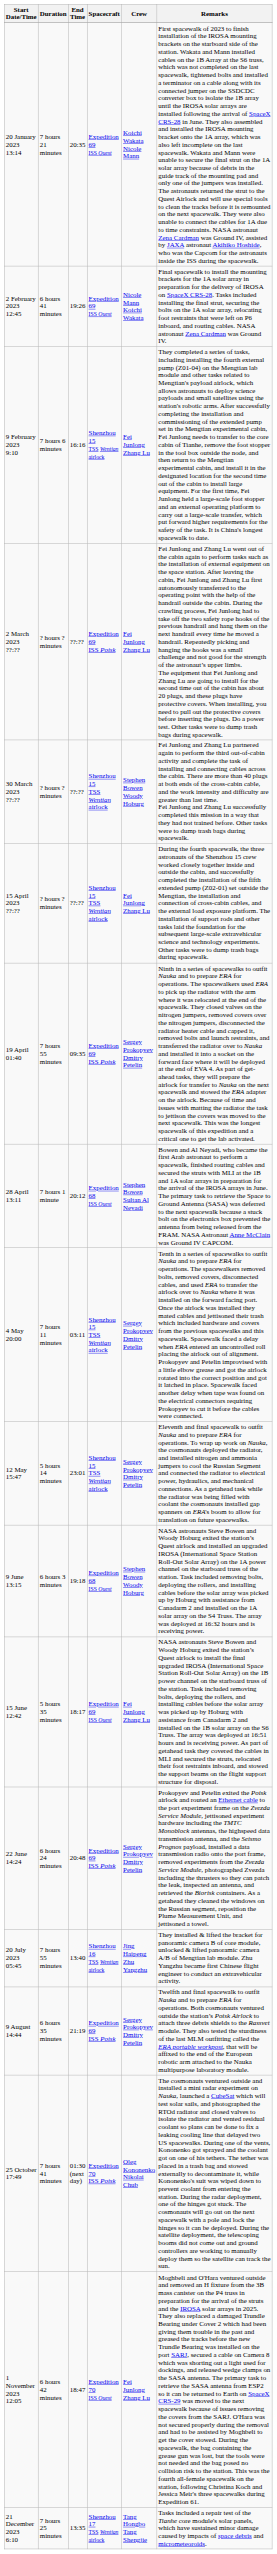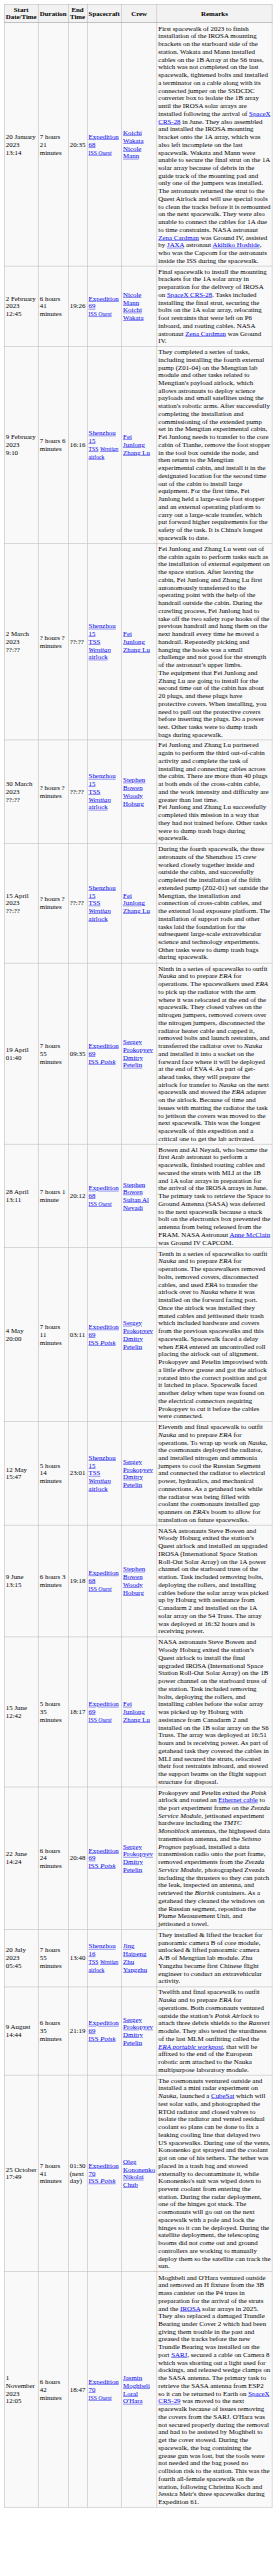 <table class="wikitable" style="width:100%;">
 <tr>
 <th>Start Date/Time</th>
 <th>Duration</th>
 <th>End Time</th>
 <th>Spacecraft</th>
 <th>Crew</th>
 <th width="60%">Remarks</th>
 </tr>
 <tr>
 </tr>
 <tr>
 <td>20 January 2023<br>13:14</td>
 <td>7 hours 21 minutes</td>
 <td>20:35</td>
-<td><a href='#'>Expedition 69</a><br><small><a href='#'>ISS <em>Quest</em></a></small><br></td>
+<td><a href='#'>Expedition 68</a><br><small><a href='#'>ISS <em>Quest</em></a></small><br></td>
 <td> <a href='#'>Koichi Wakata</a><br> <a href='#'>Nicole Mann</a></td>
 <td>First spacewalk of 2023 to finish installation of the IROSA mounting brackets on the starboard side of the station. Wakata and Mann installed cables on the 1B Array at the S6 truss, which was not completed on the last spacewalk, tightened bolts and installed a terminator on a cable along with its connected jumper on the SSDCDC converter box to isolate the 1B array until the IROSA solar arrays are installed following the arrival of <a href='#'>SpaceX CRS-28</a> in June. They also assembled and installed the IROSA mounting bracket onto the 1A array, which was also left incomplete on the last spacewalk. Wakata and Mann were unable to secure the final strut on the 1A solar array because of debris in the guide track of the mounting pad and only one of the jumpers was installed. The astronauts returned the strut to the Quest Airlock and will use special tools to clean the tracks before it is remounted on the next spacewalk. They were also unable to connect the cables for 1A due to time constraints. NASA astronaut <a href='#'>Zena Cardman</a> was Ground IV, assisted by <a href='#'>JAXA</a> astronaut <a href='#'>Akihiko Hoshide</a>, who was the Capcom for the astronauts inside the ISS during the spacewalk.</td>
 </tr>
 <tr>
 <td>2 February 2023<br>12:45</td>
 <td>6 hours 41 minutes</td>
 <td>19:26</td>
 <td><a href='#'>Expedition 69</a><br><small><a href='#'>ISS <em>Quest</em></a></small><br></td>
 <td> <a href='#'>Nicole Mann</a><br> <a href='#'>Koichi Wakata</a></td>
 <td>Final spacewalk to install the mounting brackets for the 1A solar array in preparation for the delivery of IROSA on <a href='#'>SpaceX CRS-28</a>. Tasks included installing the final strut, securing the bolts on the 1A solar array, relocating foot restraints that were left on P6 inboard, and routing cables. NASA astronaut <a href='#'>Zena Cardman</a> was Ground IV.</td>
 </tr>
 <tr>
 <td>9 February 2023<br>9:10</td>
 <td>7 hours 6 minutes</td>
 <td>16:16</td>
 <td><a href='#'>Shenzhou 15</a><br><small><a href='#'>TSS</a> <a href='#'><em>Wentian</em> airlock</a></small></td>
 <td> <a href='#'>Fei Junlong</a><br> <a href='#'>Zhang Lu</a></td>
 <td>They completed a series of tasks, including installing the fourth external pump (Z01-04) on the Mengtian lab module and other tasks related to Mengtian's payload airlock, which allows astronauts to deploy science payloads and small satellites using the station's robotic arms. After successfully completing the installation and commissioning of the extended pump set in the Mengtian experimental cabin, Fei Junlong needs to transfer to the core cabin of Tianhe, remove the foot stopper in the tool box outside the node, and then return to the Mengtian experimental cabin, and install it in the designated location for the second time out of the cabin to install large equipment. For the first time, Fei Junlong held a large-scale foot stopper and an external operating platform to carry out a large-scale transfer, which put forward higher requirements for the safety of the task. It is China's longest spacewalk to date.</td>
 </tr>
 <tr>
 <td>2 March 2023<br>??:??</td>
 <td>? hours ? minutes</td>
 <td>??:??</td>
-<td><a href='#'>Expedition 69</a><br><a href='#'>ISS <em>Poisk</em></a></td>
+<td><a href='#'>Shenzhou 15</a><br><a href='#'>TSS</a> <a href='#'><em>Wentian</em> airlock</a></td>
 <td> <a href='#'>Fei Junlong</a><br> <a href='#'>Zhang Lu</a></td>
 <td>Fei Junlong and Zhang Lu went out of the cabin again to perform tasks such as the installation of external equipment on the space station. After leaving the cabin, Fei Junlong and Zhang Lu first autonomously transferred to the operating point with the help of the handrail outside the cabin. During the crawling process, Fei Junlong had to take off the two safety rope hooks of the previous handrail and hang them on the next handrail every time he moved a handrail. Repeatedly picking and hanging the hooks was a small challenge and not good for the strength of the astronaut’s upper limbs.<br>The equipment that Fei Junlong and Zhang Lu are going to install for the second time out of the cabin has about 20 plugs, and these plugs have protective covers. When installing, you need to pull out the protective covers before inserting the plugs. Do a power test. Other tasks were to dump trash bags during spacewalk.</td>
 </tr>
 <tr>
 <td>30 March 2023<br>??:??</td>
 <td>? hours ? minutes</td>
 <td>??:??</td>
 <td><a href='#'>Shenzhou 15</a><br><a href='#'>TSS</a> <a href='#'><em>Wentian</em> airlock</a></td>
 <td> <a href='#'>Stephen Bowen</a><br> <a href='#'>Woody Hoburg</a></td>
 <td>Fei Junlong and Zhang Lu partnered again to perform the third out-of-cabin activity and complete the task of installing and connecting cables across the cabin. There are more than 40 plugs at both ends of the cross-cabin cable, and the work intensity and difficulty are greater than last time.<br>Fei Junlong and Zhang Lu successfully completed this mission in a way that they had not trained before. Other tasks were to dump trash bags during spacewalk.</td>
 </tr>
 <tr>
 <td>15 April 2023<br>??:??</td>
 <td>? hours ? minutes</td>
 <td>??:??</td>
 <td><a href='#'>Shenzhou 15</a><br><a href='#'>TSS</a> <a href='#'><em>Wentian</em> airlock</a></td>
 <td> <a href='#'>Fei Junlong</a><br> <a href='#'>Zhang Lu</a></td>
 <td>During the fourth spacewalk, the three astronauts of the Shenzhou 15 crew worked closely together inside and outside the cabin, and successfully completed the installation of the fifth extended pump (Z02-01) set outside the Mengtian, the installation and connection of cross-cabin cables, and the external load exposure platform. The installation of support rods and other tasks laid the foundation for the subsequent large-scale extravehicular science and technology experiments. Other tasks were to dump trash bags during spacewalk.</td>
 </tr>
 <tr>
 <td>19 April<br>01:40</td>
 <td>7 hours 55 minutes</td>
 <td>09:35</td>
 <td><a href='#'>Expedition 69</a><br><a href='#'>ISS <em>Poisk</em></a></td>
 <td> <a href='#'>Sergey Prokopyev</a><br> <a href='#'>Dmitry Petelin</a></td>
 <td>Ninth in a series of spacewalks to outfit <em>Nauka</em>  and to prepare <em>ERA</em> for operations. The spacewalkers used <em>ERA</em> to pick up the radiator with the arm where it was relocated at the end of the spacewalk. They closed valves on the nitrogen jumpers, removed covers over the nitrogen jumpers, disconnected the radiator heater cable and capped it, removed bolts and launch restraints, and transferred the radiator over to <em>Nauka</em> and installed it into a socket on the forward face where it will be deployed at the end of EVA 4. As part of get-ahead tasks, they will prepare the airlock for transfer to <em>Nauka</em> on the next spacewalk and stowed the <em>ERA</em> adapter on the airlock. Because of time and issues with matting the radiator the task to jettison the covers was moved to the next spacewalk. This was the longest spacewalk of this expedition and a critical one to get the lab activated.</td>
 </tr>
 <tr>
 <td>28 April<br>13:11</td>
 <td>7 hours 1 minute</td>
 <td>20:12</td>
 <td><a href='#'>Expedition 68</a><br><small><a href='#'>ISS <em>Quest</em></a></small><br></td>
 <td> <a href='#'>Stephen Bowen</a><br> <a href='#'>Sultan Al Neyadi</a></td>
 <td>Bowen and Al Neyadi, who became the first Arab astronaut to perform a spacewalk, finished routing cables and secured the struts with MLI at the 1B and 1A solar arrays in preparation for the arrival of the IROSA arrays in June. The primary task to retrieve the Space to Ground Antenna (SASA) was deferred to the next spacewalk because a stuck bolt on the electronics box prevented the antenna from being released from the FRAM. NASA Astronaut <a href='#'>Anne McClain</a> was Ground IV CAPCOM.</td>
 </tr>
 <tr>
 <td>4 May<br>20:00</td>
 <td>7 hours 11 minutes</td>
 <td>03:11</td>
-<td><a href='#'>Shenzhou 15</a><br><a href='#'>TSS</a> <a href='#'><em>Wentian</em> airlock</a></td>
+<td><a href='#'>Expedition 69</a><br><a href='#'>ISS <em>Poisk</em></a></td>
 <td> <a href='#'>Sergey Prokopyev</a><br> <a href='#'>Dmitry Petelin</a></td>
 <td>Tenth in a series of spacewalks to outfit <em>Nauka</em>  and to prepare <em>ERA</em> for operations. The spacewalkers removed bolts, removed covers, disconnected cables, and used <em>ERA</em>  to transfer the airlock over to <em>Nauka</em> where it was installed on the forward facing port. Once the airlock was installed they mated cables and jettisoned their trash which included hardware and covers from the previous spacewalks and this spacewalk. Spacewalk faced a delay when <em>ERA</em> entered an uncontrolled roll placing the airlock out of alignment. Prokopyev and Petelin improvised with a little elbow grease and got the airlock rotated into the correct position and got it latched in place. Spacewalk faced another delay when tape was found on the electrical connectors requiring Prokopyev to cut it before the cables were connected.</td>
 </tr>
 <tr>
 <td>12 May<br>15:47</td>
 <td>5 hours 14 minutes</td>
 <td>23:01</td>
 <td><a href='#'>Shenzhou 15</a><br><a href='#'>TSS</a> <a href='#'><em>Wentian</em> airlock</a></td>
 <td> <a href='#'>Sergey Prokopyev</a><br> <a href='#'>Dmitry Petelin</a></td>
 <td>Eleventh and final spacewalk to outfit <em>Nauka</em> and to prepare <em>ERA</em> for operations. To wrap up work on <em>Nauka</em>, the cosmonauts deployed the radiator, and installed nitrogen and ammonia jumpers to cool the Russian Segment and connected the radiator to electrical power, hydraulics, and mechanical connections. As a getahead task while the radiator was being filled with coolant the cosmonauts installed gap spanners on <em>ERA</em>'s boom to allow for translation on future spacewalks.</td>
 </tr>
 <tr>
 <td>9 June<br>13:15</td>
 <td>6 hours 3 minutes</td>
 <td>19:18</td>
 <td><a href='#'>Expedition 68</a><br><small><a href='#'>ISS <em>Quest</em></a></small><br></td>
 <td> <a href='#'>Stephen Bowen</a><br> <a href='#'>Woody Hoburg</a></td>
 <td>NASA astronauts Steve Bowen and Woody Hoburg exited the station’s Quest airlock and installed an upgraded IROSA (International Space Station Roll-Out Solar Array) on the 1A power channel on the starboard truss of the station. Task included removing bolts, deploying the rollers, and installing cables before the solar array was picked up by Hoburg with assistance from Canadarm 2 and installed on the 1A solar array on the S4 Truss. The array was deployed at 16:32 hours and is receiving power.</td>
 </tr>
 <tr>
 <td>15 June<br>12:42</td>
 <td>5 hours 35 minutes</td>
 <td>18:17</td>
 <td><a href='#'>Expedition 69</a><br><small><a href='#'>ISS <em>Quest</em></a></small><br></td>
 <td> <a href='#'>Fei Junlong</a><br> <a href='#'>Zhang Lu</a></td>
 <td>NASA astronauts Steve Bowen and Woody Hoburg exited the station’s Quest airlock to install the final upgraded IROSA (International Space Station Roll-Out Solar Array) on the 1B power channel on the starboard truss of the station. Task included removing bolts, deploying the rollers, and installing cables before the solar array was picked up by Hoburg with assistance from Canadarm 2 and installed on the 1B solar array on the S6 Truss. The array was deployed at 16:51 hours and is receiving power. As part of getahead task they covered the cables in MLI and secured the struts, relocated their foot restraints inboard, and stowed the support beams on the flight support structure for disposal. </td>
 </tr>
 <tr>
 <td>22 June<br>14:24</td>
 <td>6 hours 24 minutes</td>
 <td>20:48</td>
 <td><a href='#'>Expedition 69</a><br><a href='#'>ISS <em>Poisk</em></a></td>
 <td> <a href='#'>Sergey Prokopyev</a><br> <a href='#'>Dmitry Petelin</a></td>
 <td>Prokopyev and Petelin exited the <em>Poisk</em> airlock and routed an <a href='#'>Ethernet cable</a> to the port experiment frame on the <em>Zvezda Service Module</em>, jettisoned experiment hardware including the <em>TMTC Monoblock</em> antennas, the highspeed data transmission antenna, and the <em>Seismo Prognos</em> payload,  installed a data transmission radio onto the port frame, removed experiments from the <em>Zvezda Service Module,</em> photographed Zvezda including the thrusters so they can patch the leak, inspected an antenna, and retrieved the <em>Biorisk</em> containers. As a getahead they cleaned the windows on the Russian segment, reposition the Plume Measurement Unit, and jettisoned a towel.</td>
 </tr>
 <tr>
 <td>20 July 2023<br>05:45</td>
 <td>7 hours 55 minutes</td>
 <td>13:40</td>
 <td><a href='#'>Shenzhou 16</a><br><small><a href='#'>TSS</a> <a href='#'><em>Wentian</em> airlock</a></small></td>
 <td> <a href='#'>Jing Haipeng</a><br> <a href='#'>Zhu Yangzhu</a></td>
 <td>They installed & lifted the bracket for panoramic camera B of core module, unlocked & lifted panoramic camera A/B of Mengtian lab module. Zhu Yangzhu became first Chinese flight engineer to conduct an extravehicular activity.</td>
 </tr>
 <tr>
 <td>9 August<br>14:44</td>
 <td>6 hours 35 minutes</td>
 <td>21:19</td>
 <td><a href='#'>Expedition 69</a><br><a href='#'>ISS <em>Poisk</em></a></td>
 <td> <a href='#'>Sergey Prokopyev</a><br> <a href='#'>Dmitry Petelin</a></td>
 <td>Twelfth and final spacewalk to outfit <em>Nauka</em> and to prepare <em>ERA</em> for operations. Both cosmonauts ventured outside the station’s <em>Poisk</em> <em>Airlock</em> to attach three debris shields to the <em>Rassvet</em> module. They also tested the sturdiness of the last MLM outfitting called the <em><a href='#'>ERA portable workpost</a></em>, that will be affixed to the end of the European robotic arm attached to the Nauka multipurpose laboratory module.</td>
 </tr>
 <tr>
 <td>25 October<br>17:49</td>
 <td>7 hours 41 minutes</td>
 <td>01:30 (next day)</td>
 <td><a href='#'>Expedition 70</a><br><a href='#'>ISS <em>Poisk</em></a></td>
 <td> <a href='#'>Oleg Kononenko</a><br> <a href='#'>Nikolai Chub</a></td>
 <td>The cosmonauts ventured outside and installed a mini radar experiment on <em>Nauka</em>, launched a <a href='#'>CubeSat</a> which will test solar sails, and photographed the RTOd radiator and closed valves to isolate the radiator and vented residual coolant so plans can be done to fix a leaking cooling line that delayed two US spacewalks. During one of the vents, Kononenko got sprayed and the coolant got on one of his tethers. The tether was placed in a trash bag and stowed externally to decontaminate it, while Kononenko's suit was wiped down to prevent coolant from entering the station. During the radar deployment, one of the hinges got stuck. The cosmonauts will go out on the next spacewalk with a pole and lock the hinges so it can be deployed. During the satellite deployment, the telescoping booms did not come out and ground controllers are working to manually deploy them so the satellite can track the sun. </td>
 </tr>
 <tr>
 <td>1 November 2023<br>12:05</td>
 <td>6 hours 42 minutes</td>
 <td>18:47</td>
 <td><a href='#'>Expedition 70</a><br><small><a href='#'>ISS <em>Quest</em></a></small><br></td>
-<td> <a href='#'>Fei Junlong</a><br> <a href='#'>Zhang Lu</a></td>
+<td> <a href='#'>Jasmin Moghbeli</a><br> <a href='#'>Loral O'Hara</a></td>
 <td>Moghbeli and O'Hara ventured outside and removed an H fixture from the 3B mass canister on the P4 truss in preparation for the arrival of the struts and the <a href='#'>IROSA</a> solar arrays in 2025. They also replaced a damaged Trundle Bearing under Cover 2 which had been giving them trouble in the past and greased the tracks before the new Trundle Bearing was installed on the port <a href='#'>SARJ</a>, secured a cable on Camera 8 which was shorting out a light used for dockings, and released wedge clamps on the SASA antenna. The primary task to retrieve the SASA antenna from ESP2 so it can be returned to Earth on <a href='#'>SpaceX CRS-29</a> was moved to the next spacewalk because of issues removing the covers from the SARJ. O'Hara was not secured properly during the removal and had to be assisted by Moghbeli to get the cover stowed. During the spacewalk, the bag containing the grease gun was lost, but the tools were not needed and the bag posed no collision risk to the station. This was the fourth all-female spacewalk on the station, following Christina Koch and Jessica Meir's three spacewalks during Expedition 61.</td>
 </tr>
-<tr>
-<td>21 December 2023<br>6:10</td>
-<td>7 hours 25 minutes</td>
-<td>13:35</td>
-<td><a href='#'>Shenzhou 17</a><br><small><a href='#'>TSS</a> <a href='#'><em>Wentian</em> airlock</a></small></td>
-<td> <a href='#'>Tang Hongbo</a><br> <a href='#'>Tang Shengjie</a></td>
-<td>Tasks included a repair test of the <em>Tianhe</em> core module's solar panels, which have sustained minor damage caused by impacts of <a href='#'>space debris</a> and <a href='#'>micrometeoroids</a>.</td>
-</tr>
 </table>
